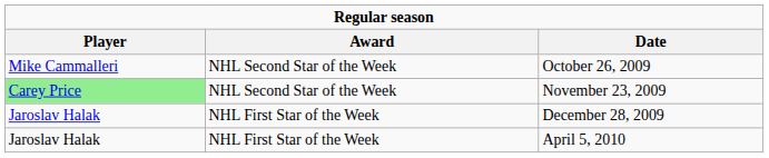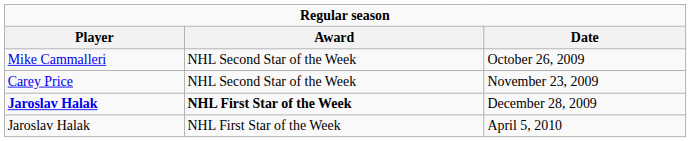 <table class="wikitable" style="width:62%;">
 <tr>
 <td colspan="10" style="text-align:center;"><strong>Regular season</strong></td>
 </tr>
 <tr>
 <th>Player</th>
 <th>Award</th>
 <th>Date</th>
 </tr>
 <tr>
 <td><a href='#'>Mike Cammalleri</a></td>
 <td>NHL Second Star of the Week</td>
 <td>October 26, 2009</td>
 </tr>
 <tr>
-<td style="background: lightgreen;"><a href='#'>Carey Price</a></td>
+<td><a href='#'>Carey Price</a></td>
 <td>NHL Second Star of the Week</td>
 <td>November 23, 2009</td>
 </tr>
 <tr>
-<td><a href='#'>Jaroslav Halak</a></td>
-<td>NHL First Star of the Week</td>
+<td><strong><a href='#'>Jaroslav Halak</a></strong></td>
+<td><strong>NHL First Star of the Week</strong></td>
 <td>December 28, 2009</td>
 </tr>
 <tr>
 <td>Jaroslav Halak</td>
 <td>NHL First Star of the Week</td>
 <td>April 5, 2010</td>
 </tr>
 </table>
